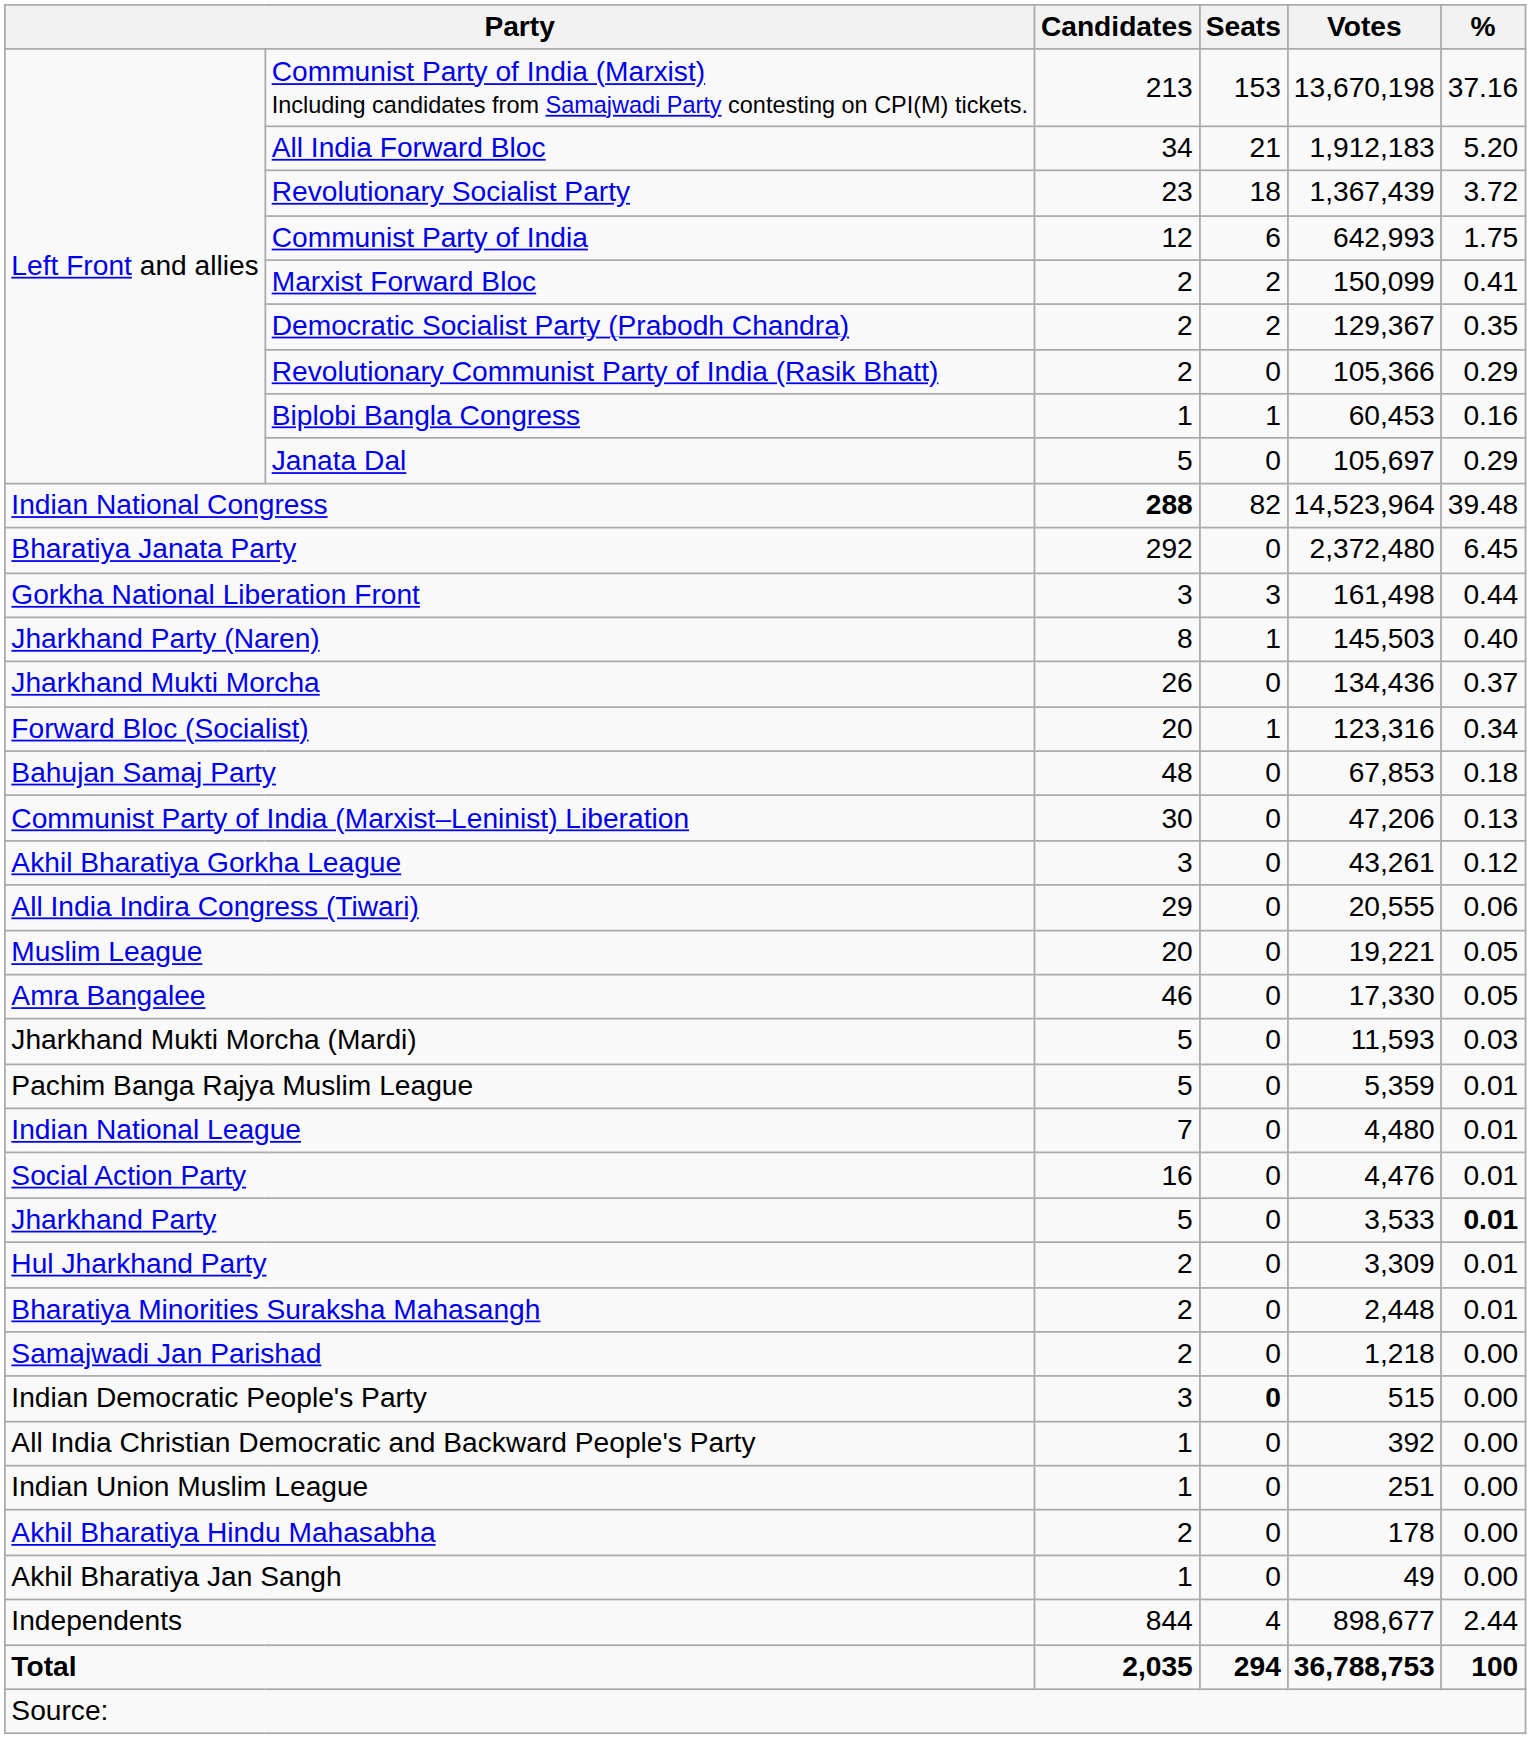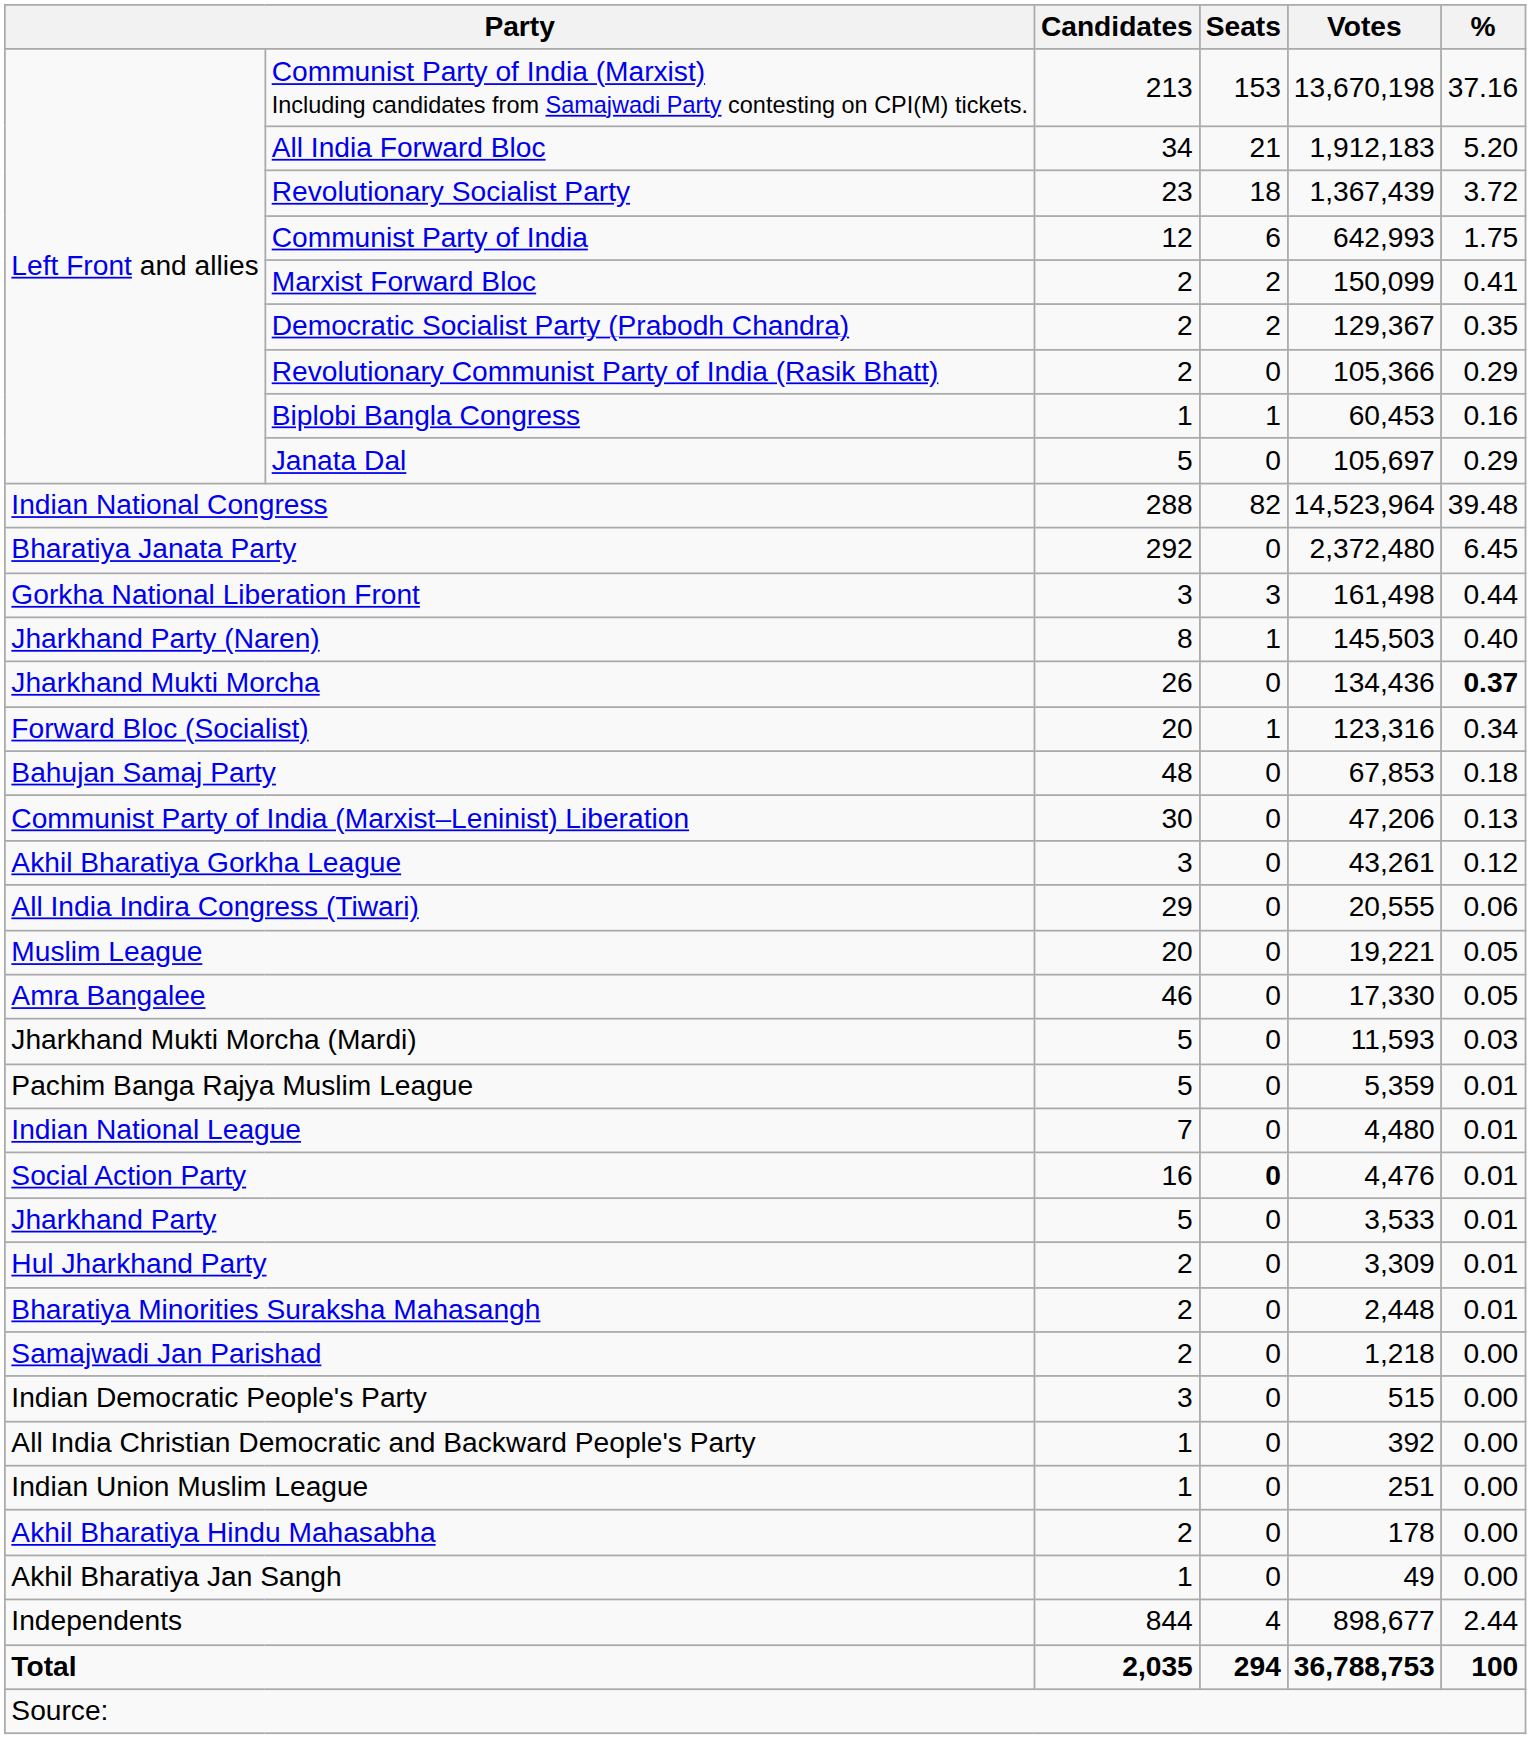 <table class=wikitable style=text-align:right>
 <tr>
 <th colspan=2>Party</th>
 <th>Candidates</th>
 <th>Seats</th>
 <th>Votes</th>
 <th>%</th>
 </tr>
 <tr>
 <td rowspan=9 align=left><a href='#'>Left Front</a> and allies</td>
 <td align=left><a href='#'>Communist Party of India (Marxist)</a><br><small>Including candidates from <a href='#'>Samajwadi Party</a> contesting on CPI(M) tickets.</small></td>
 <td>213</td>
 <td>153</td>
 <td>13,670,198</td>
 <td>37.16</td>
 </tr>
 <tr>
 <td align=left><a href='#'>All India Forward Bloc</a></td>
 <td>34</td>
 <td>21</td>
 <td>1,912,183</td>
 <td>5.20</td>
 </tr>
 <tr>
 <td align=left><a href='#'>Revolutionary Socialist Party</a></td>
 <td>23</td>
 <td>18</td>
 <td>1,367,439</td>
 <td>3.72</td>
 </tr>
 <tr>
 <td align=left><a href='#'>Communist Party of India</a></td>
 <td>12</td>
 <td>6</td>
 <td>642,993</td>
 <td>1.75</td>
 </tr>
 <tr>
 <td align=left><a href='#'>Marxist Forward Bloc</a></td>
 <td>2</td>
 <td>2</td>
 <td>150,099</td>
 <td>0.41</td>
 </tr>
 <tr>
 <td align=left><a href='#'>Democratic Socialist Party (Prabodh Chandra)</a></td>
 <td>2</td>
 <td>2</td>
 <td>129,367</td>
 <td>0.35</td>
 </tr>
 <tr>
 <td align=left><a href='#'>Revolutionary Communist Party of India (Rasik Bhatt)</a></td>
 <td>2</td>
 <td>0</td>
 <td>105,366</td>
 <td>0.29</td>
 </tr>
 <tr>
 <td align=left><a href='#'>Biplobi Bangla Congress</a></td>
 <td>1</td>
 <td>1</td>
 <td>60,453</td>
 <td>0.16</td>
 </tr>
 <tr>
 <td align=left><a href='#'>Janata Dal</a></td>
 <td>5</td>
 <td>0</td>
 <td>105,697</td>
 <td>0.29</td>
 </tr>
 <tr>
 <td colspan=2 align=left><a href='#'>Indian National Congress</a></td>
-<td><strong>288</strong></td>
+<td>288</td>
 <td>82</td>
 <td>14,523,964</td>
 <td>39.48</td>
 </tr>
 <tr>
 <td colspan=2 align=left><a href='#'>Bharatiya Janata Party</a></td>
 <td>292</td>
 <td>0</td>
 <td>2,372,480</td>
 <td>6.45</td>
 </tr>
 <tr>
 <td colspan=2 align=left><a href='#'>Gorkha National Liberation Front</a></td>
 <td>3</td>
 <td>3</td>
 <td>161,498</td>
 <td>0.44</td>
 </tr>
 <tr>
 <td colspan=2 align=left><a href='#'>Jharkhand Party (Naren)</a></td>
 <td>8</td>
 <td>1</td>
 <td>145,503</td>
 <td>0.40</td>
 </tr>
 <tr>
 <td colspan=2 align=left><a href='#'>Jharkhand Mukti Morcha</a></td>
 <td>26</td>
 <td>0</td>
 <td>134,436</td>
-<td>0.37</td>
+<td><strong>0.37</strong></td>
 </tr>
 <tr>
 <td colspan=2 align=left><a href='#'>Forward Bloc (Socialist)</a></td>
 <td>20</td>
 <td>1</td>
 <td>123,316</td>
 <td>0.34</td>
 </tr>
 <tr>
 <td colspan=2 align=left><a href='#'>Bahujan Samaj Party</a></td>
 <td>48</td>
 <td>0</td>
 <td>67,853</td>
 <td>0.18</td>
 </tr>
 <tr>
 <td colspan=2 align=left><a href='#'>Communist Party of India (Marxist–Leninist) Liberation</a></td>
 <td>30</td>
 <td>0</td>
 <td>47,206</td>
 <td>0.13</td>
 </tr>
 <tr>
 <td colspan=2 align=left><a href='#'>Akhil Bharatiya Gorkha League</a></td>
 <td>3</td>
 <td>0</td>
 <td>43,261</td>
 <td>0.12</td>
 </tr>
 <tr>
 <td colspan=2 align=left><a href='#'>All India Indira Congress (Tiwari)</a></td>
 <td>29</td>
 <td>0</td>
 <td>20,555</td>
 <td>0.06</td>
 </tr>
 <tr>
 <td colspan=2 align=left><a href='#'>Muslim League</a></td>
 <td>20</td>
 <td>0</td>
 <td>19,221</td>
 <td>0.05</td>
 </tr>
 <tr>
 <td colspan=2 align=left><a href='#'>Amra Bangalee</a></td>
 <td>46</td>
 <td>0</td>
 <td>17,330</td>
 <td>0.05</td>
 </tr>
 <tr>
 <td colspan=2 align=left>Jharkhand Mukti Morcha (Mardi)</td>
 <td>5</td>
 <td>0</td>
 <td>11,593</td>
 <td>0.03</td>
 </tr>
 <tr>
 <td colspan=2 align=left>Pachim Banga Rajya Muslim League</td>
 <td>5</td>
 <td>0</td>
 <td>5,359</td>
 <td>0.01</td>
 </tr>
 <tr>
 <td colspan=2 align=left><a href='#'>Indian National League</a></td>
 <td>7</td>
 <td>0</td>
 <td>4,480</td>
 <td>0.01</td>
 </tr>
 <tr>
 <td colspan=2 align=left><a href='#'>Social Action Party</a></td>
 <td>16</td>
-<td>0</td>
+<td><strong>0</strong></td>
 <td>4,476</td>
 <td>0.01</td>
 </tr>
 <tr>
 <td colspan=2 align=left><a href='#'>Jharkhand Party</a></td>
 <td>5</td>
 <td>0</td>
 <td>3,533</td>
-<td><strong>0.01</strong></td>
+<td>0.01</td>
 </tr>
 <tr>
 <td colspan=2 align=left><a href='#'>Hul Jharkhand Party</a></td>
 <td>2</td>
 <td>0</td>
 <td>3,309</td>
 <td>0.01</td>
 </tr>
 <tr>
 <td colspan=2 align=left><a href='#'>Bharatiya Minorities Suraksha Mahasangh</a></td>
 <td>2</td>
 <td>0</td>
 <td>2,448</td>
 <td>0.01</td>
 </tr>
 <tr>
 <td colspan=2 align=left><a href='#'>Samajwadi Jan Parishad</a></td>
 <td>2</td>
 <td>0</td>
 <td>1,218</td>
 <td>0.00</td>
 </tr>
 <tr>
 <td colspan=2 align=left>Indian Democratic People's Party</td>
 <td>3</td>
-<td><strong>0</strong></td>
+<td>0</td>
 <td>515</td>
 <td>0.00</td>
 </tr>
 <tr>
 <td colspan=2 align=left>All India Christian Democratic and Backward People's Party</td>
 <td>1</td>
 <td>0</td>
 <td>392</td>
 <td>0.00</td>
 </tr>
 <tr>
 <td colspan=2 align=left>Indian Union Muslim League</td>
 <td>1</td>
 <td>0</td>
 <td>251</td>
 <td>0.00</td>
 </tr>
 <tr>
 <td colspan=2 align=left><a href='#'>Akhil Bharatiya Hindu Mahasabha</a></td>
 <td>2</td>
 <td>0</td>
 <td>178</td>
 <td>0.00</td>
 </tr>
 <tr>
 <td colspan=2 align=left>Akhil Bharatiya Jan Sangh</td>
 <td>1</td>
 <td>0</td>
 <td>49</td>
 <td>0.00</td>
 </tr>
 <tr>
 <td colspan=2 align=left>Independents</td>
 <td>844</td>
 <td>4</td>
 <td>898,677</td>
 <td>2.44</td>
 </tr>
 <tr>
 <td colspan=2 align=left><strong>Total</strong></td>
 <td><strong>2,035</strong></td>
 <td><strong>294</strong></td>
 <td><strong>36,788,753</strong></td>
 <td><strong>100</strong></td>
 </tr>
 <tr>
 <td align=left colspan=6>Source: </td>
 </tr>
 </table>
